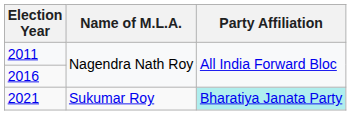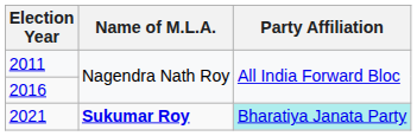 <table class="wikitable sortable">
 <tr style="font-weight:bold; text-align:center; background-color:#EAECF0;">
 <th style="vertical-align:middle; color:#202122;">Election<br>Year</th>
 <th style="vertical-align:middle; color:#202122;">Name of M.L.A.</th>
 <th style="vertical-align:middle; color:#202122;" Colspan=2>Party Affiliation</th>
 </tr>
 <tr style="background-color:#F8F9FA;">
 <td style="color:#0645AD;"><a href='#'>2011</a></td>
 <td rowspan=2>Nagendra Nath Roy</td>
 <td rowspan=2><a href='#'>All India Forward Bloc</a></td>
 </tr>
 <tr>
 <td><a href='#'>2016</a></td>
 </tr>
 <tr>
 <td><a href='#'>2021</a></td>
-<td><a href='#'>Sukumar Roy</a></td>
+<td><strong><a href='#'>Sukumar Roy</a></strong></td>
 <td style="background: paleturquoise;"><a href='#'>Bharatiya Janata Party</a></td>
 </tr>
 </table>
